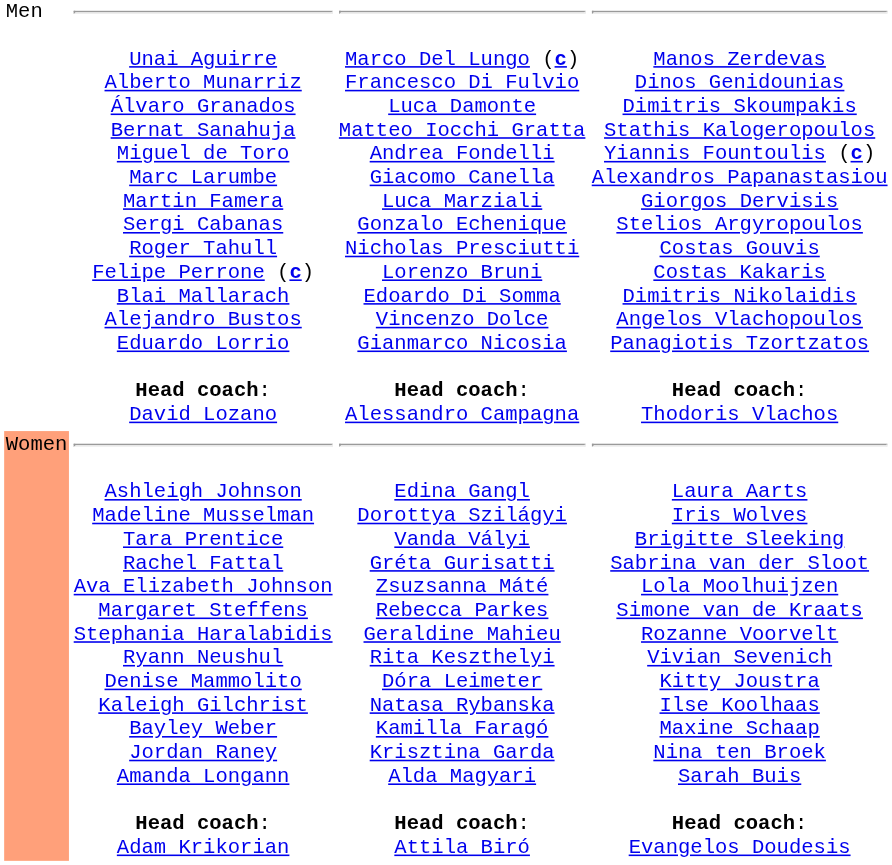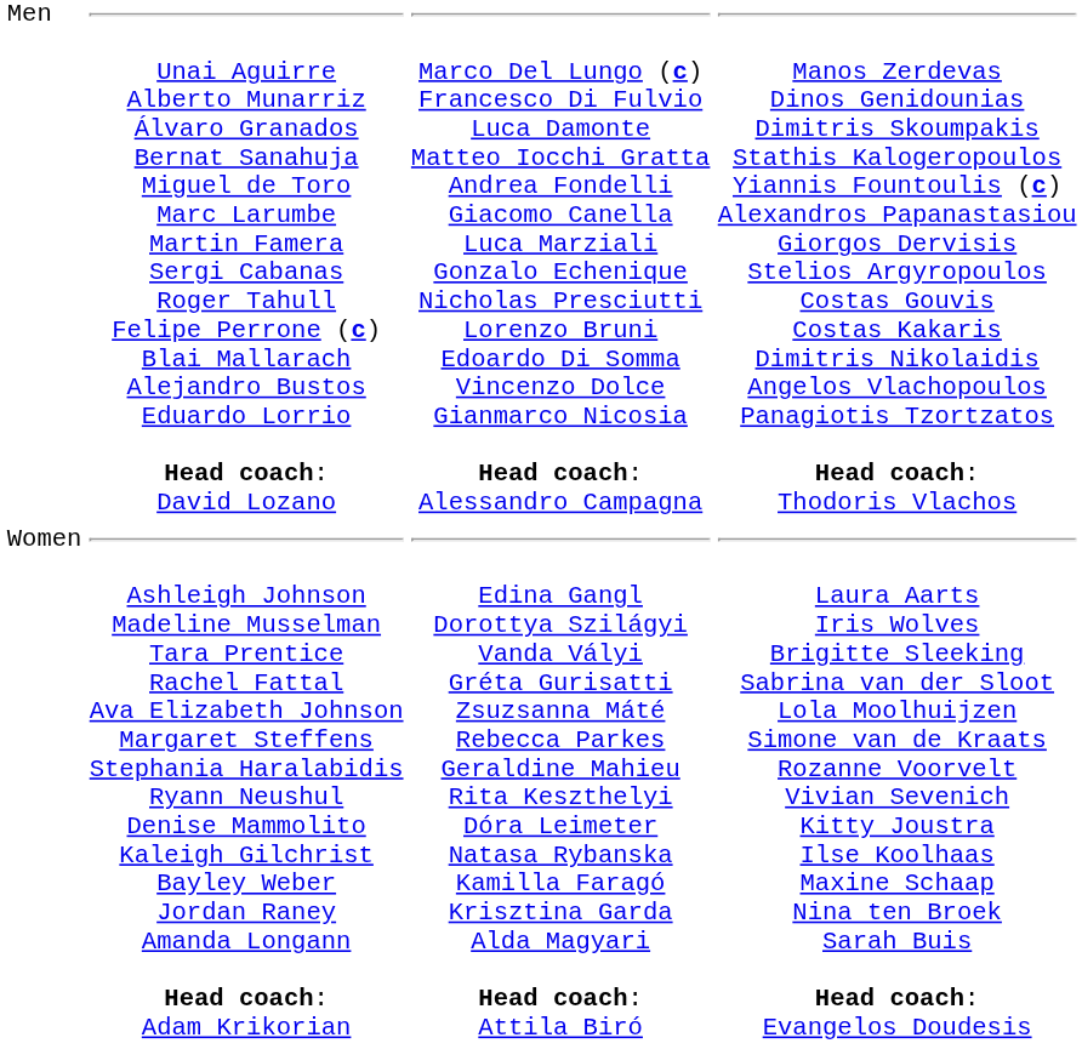 <table>
 <tr valign="top">
 <td>Men<br></td>
 <td style="text-align:center; vertical-align:top;"> <hr><br><a href='#'>Unai Aguirre</a><br> <a href='#'>Alberto Munarriz</a><br> <a href='#'>Álvaro Granados</a><br> <a href='#'>Bernat Sanahuja</a><br> <a href='#'>Miguel de Toro</a><br> <a href='#'>Marc Larumbe</a><br> <a href='#'>Martin Famera</a><br> <a href='#'>Sergi Cabanas</a><br> <a href='#'>Roger Tahull</a><br> <a href='#'>Felipe Perrone</a> (<a href='#'><strong>c</strong></a>)<br> <a href='#'>Blai Mallarach</a><br> <a href='#'>Alejandro Bustos</a><br> <a href='#'>Eduardo Lorrio</a><br><br><strong>Head coach</strong>: <br><a href='#'>David Lozano</a></td>
 <td style="text-align:center; vertical-align:top;"><hr><br><a href='#'>Marco Del Lungo</a> (<a href='#'><strong>c</strong></a>)<br> <a href='#'>Francesco Di Fulvio</a><br> <a href='#'>Luca Damonte</a><br> <a href='#'>Matteo Iocchi Gratta</a> <br> <a href='#'>Andrea Fondelli</a><br> <a href='#'>Giacomo Canella</a> <br> <a href='#'>Luca Marziali</a><br> <a href='#'>Gonzalo Echenique</a><br> <a href='#'>Nicholas Presciutti</a><br> <a href='#'>Lorenzo Bruni</a><br> <a href='#'>Edoardo Di Somma</a><br> <a href='#'>Vincenzo Dolce</a><br> <a href='#'>Gianmarco Nicosia</a><br><br><strong>Head coach</strong>: <br><a href='#'>Alessandro Campagna</a></td>
 <td style="text-align:center; vertical-align:top;"><hr><br><a href='#'>Manos Zerdevas</a><br> <a href='#'>Dinos Genidounias</a><br> <a href='#'>Dimitris Skoumpakis</a><br> <a href='#'>Stathis Kalogeropoulos</a><br> <a href='#'>Yiannis Fountoulis</a> (<a href='#'><strong>c</strong></a>)<br> <a href='#'>Alexandros Papanastasiou</a><br> <a href='#'>Giorgos Dervisis</a><br> <a href='#'>Stelios Argyropoulos</a><br> <a href='#'>Costas Gouvis</a><br> <a href='#'>Costas Kakaris</a><br><a href='#'>Dimitris Nikolaidis</a><br> <a href='#'>Angelos Vlachopoulos</a><br><a href='#'>Panagiotis Tzortzatos</a><br><br><strong>Head coach</strong>: <br><a href='#'>Thodoris Vlachos</a></td>
 </tr>
 <tr valign="top">
-<td style="background: lightsalmon;">Women<br></td>
+<td>Women<br></td>
 <td style="text-align:center; vertical-align:top;"> <hr><br><a href='#'>Ashleigh Johnson</a><br> <a href='#'>Madeline Musselman</a><br> <a href='#'>Tara Prentice</a><br> <a href='#'>Rachel Fattal</a><br> <a href='#'>Ava Elizabeth Johnson</a><br> <a href='#'>Margaret Steffens</a><br> <a href='#'>Stephania Haralabidis</a><br> <a href='#'>Ryann Neushul</a><br> <a href='#'>Denise Mammolito</a><br> <a href='#'>Kaleigh Gilchrist</a><br> <a href='#'>Bayley Weber</a><br> <a href='#'>Jordan Raney</a><br> <a href='#'>Amanda Longann</a><br><br><strong>Head coach</strong>: <br><a href='#'>Adam Krikorian</a></td>
 <td style="text-align:center; vertical-align:top;"> <hr><br><a href='#'>Edina Gangl</a><br> <a href='#'>Dorottya Szilágyi</a><br> <a href='#'>Vanda Vályi</a><br> <a href='#'>Gréta Gurisatti</a><br> <a href='#'>Zsuzsanna Máté</a><br> <a href='#'>Rebecca Parkes</a><br> <a href='#'>Geraldine Mahieu</a><br> <a href='#'>Rita Keszthelyi</a><br> <a href='#'>Dóra Leimeter</a><br> <a href='#'>Natasa Rybanska</a><br> <a href='#'>Kamilla Faragó</a><br> <a href='#'>Krisztina Garda</a><br> <a href='#'>Alda Magyari</a><br><br><strong>Head coach</strong>: <br><a href='#'>Attila Biró</a></td>
 <td style="text-align:center; vertical-align:top;"> <hr><br><a href='#'>Laura Aarts</a><br> <a href='#'>Iris Wolves</a><br> <a href='#'>Brigitte Sleeking</a><br> <a href='#'>Sabrina van der Sloot</a><br> <a href='#'>Lola Moolhuijzen</a><br> <a href='#'>Simone van de Kraats</a><br> <a href='#'>Rozanne Voorvelt</a><br> <a href='#'>Vivian Sevenich</a><br> <a href='#'>Kitty Joustra</a><br> <a href='#'>Ilse Koolhaas</a><br> <a href='#'>Maxine Schaap</a><br> <a href='#'>Nina ten Broek</a><br><a href='#'>Sarah Buis</a><br><br><strong>Head coach</strong>: <br><a href='#'>Evangelos Doudesis</a></td>
 </tr>
 </table>
